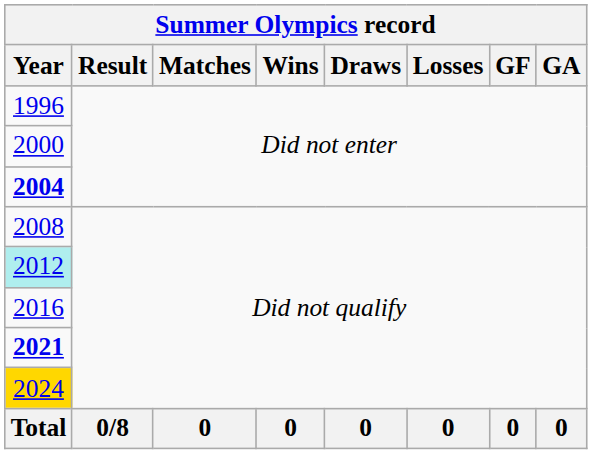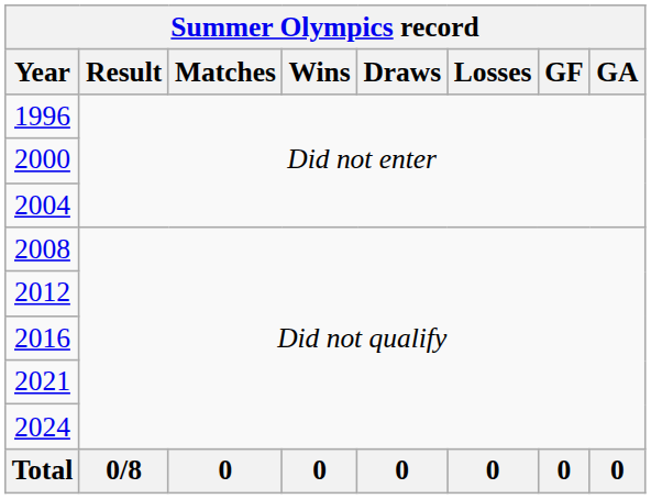 <table class="wikitable" style="text-align: center;">
 <tr>
 <th colspan=10><a href='#'>Summer Olympics</a> record</th>
 </tr>
 <tr>
 <th>Year</th>
 <th>Result</th>
 <th>Matches</th>
 <th>Wins</th>
 <th>Draws</th>
 <th>Losses</th>
 <th>GF</th>
 <th>GA</th>
 </tr>
 <tr>
 <td> <a href='#'>1996</a></td>
 <td rowspan=3 colspan=8><em>Did not enter</em></td>
 </tr>
 <tr>
 <td> <a href='#'>2000</a></td>
 </tr>
 <tr>
-<td><strong> <a href='#'>2004</a></strong></td>
+<td> <a href='#'>2004</a></td>
 </tr>
 <tr>
 <td> <a href='#'>2008</a></td>
 <td rowspan=5 colspan=8><em>Did not qualify</em></td>
 </tr>
 <tr>
-<td style="background: paleturquoise;"> <a href='#'>2012</a></td>
+<td> <a href='#'>2012</a></td>
 </tr>
 <tr>
 <td> <a href='#'>2016</a></td>
 </tr>
 <tr>
-<td><strong> <a href='#'>2021</a></strong></td>
+<td> <a href='#'>2021</a></td>
 </tr>
 <tr>
-<td style="background: gold;"> <a href='#'>2024</a></td>
+<td> <a href='#'>2024</a></td>
 </tr>
 <tr>
 <th>Total</th>
 <th>0/8</th>
 <th>0</th>
 <th>0</th>
 <th>0</th>
 <th>0</th>
 <th>0</th>
 <th>0</th>
 </tr>
 </table>
